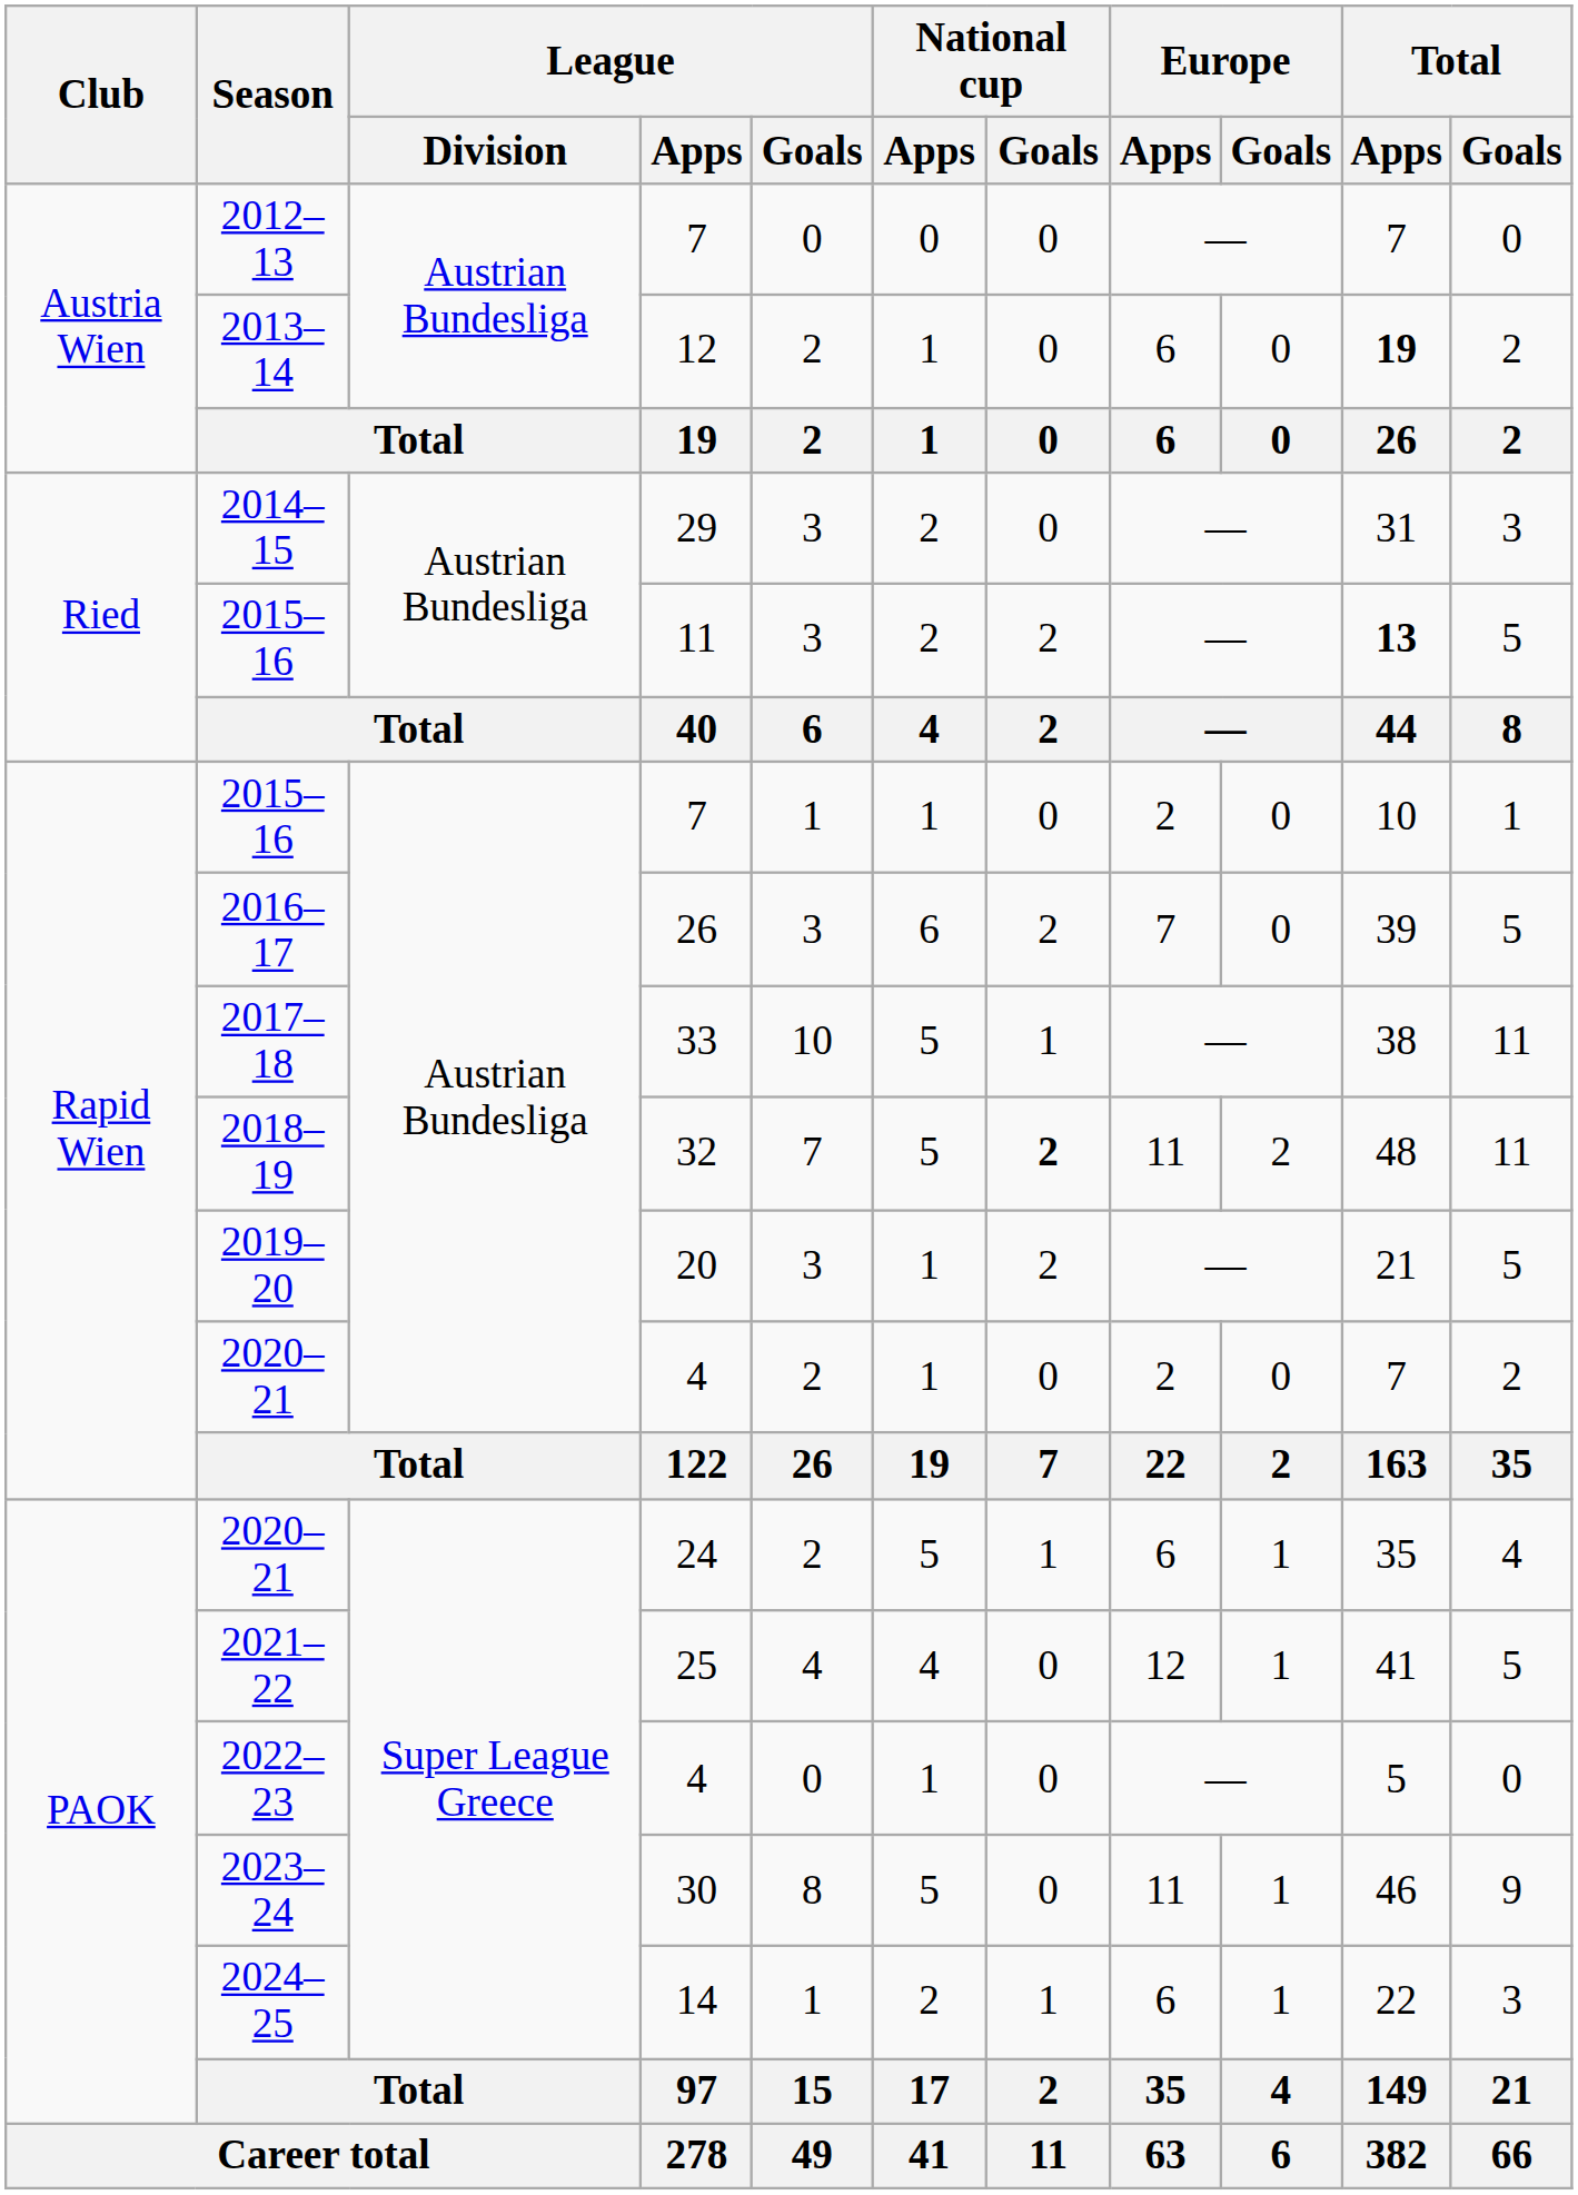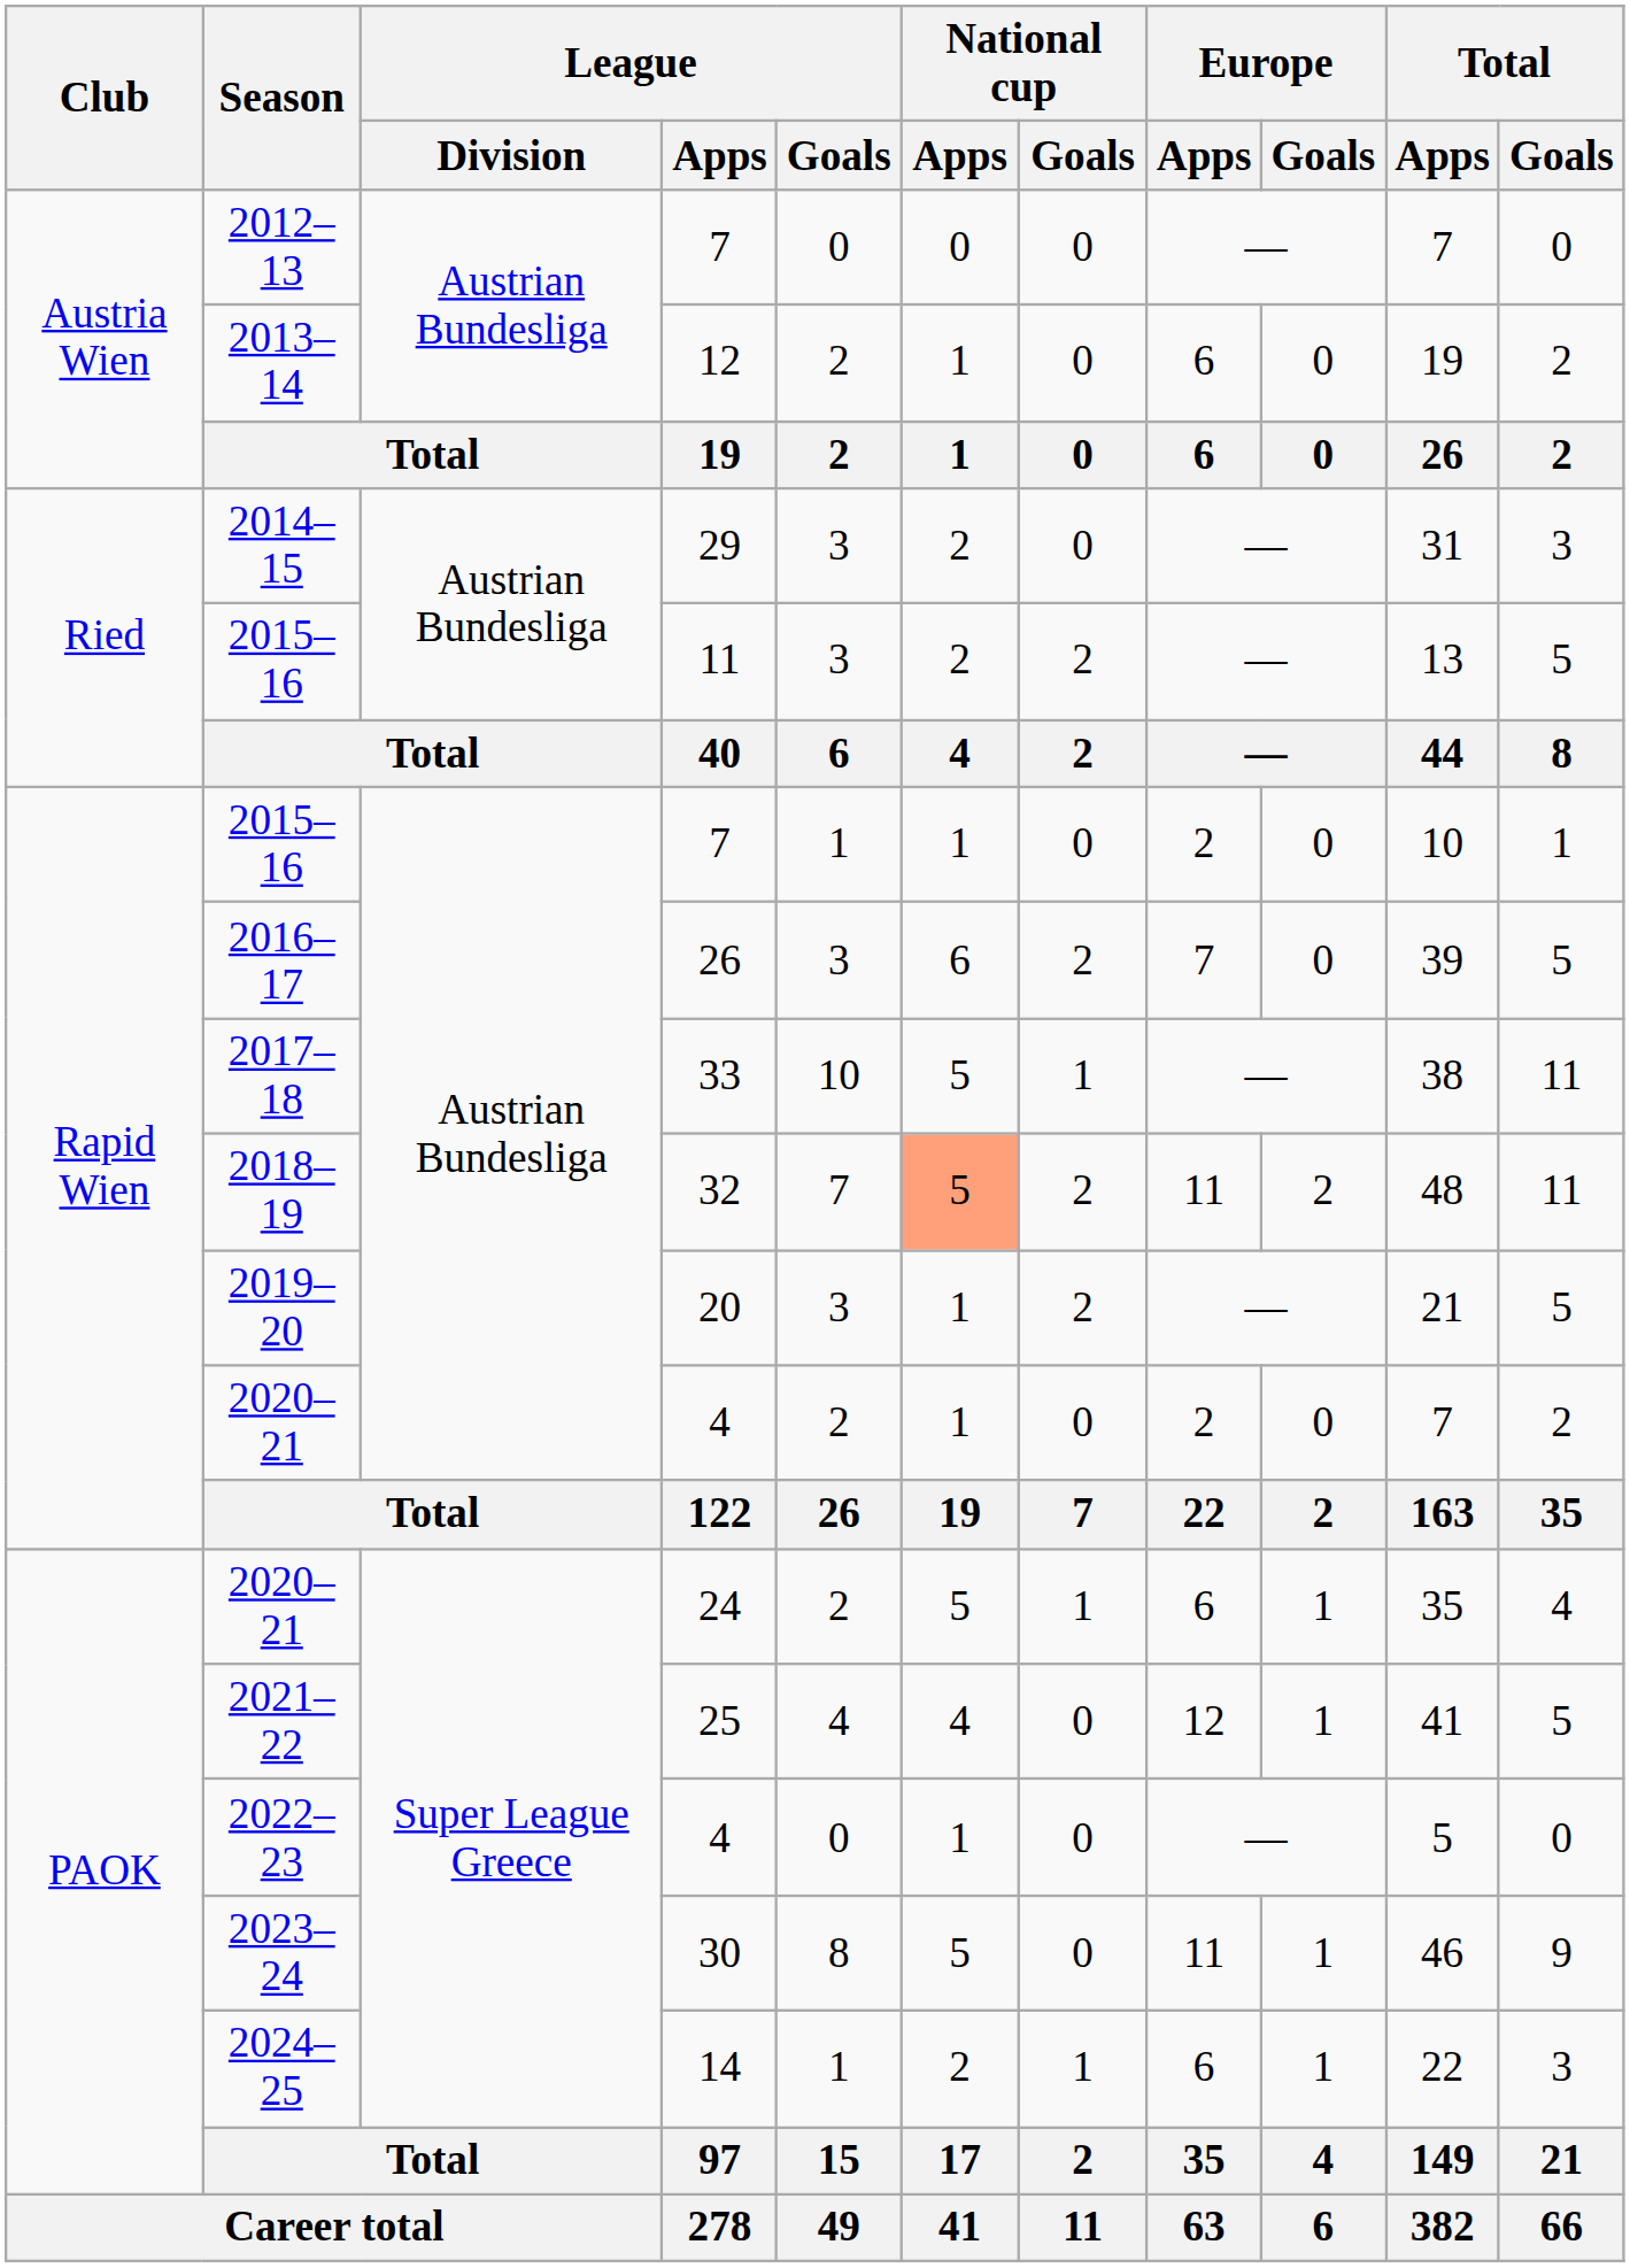 <table class="wikitable" style="text-align:center">
 <tr>
 <th rowspan="2">Club</th>
 <th rowspan="2">Season</th>
 <th colspan="3">League</th>
 <th colspan="2">National cup</th>
 <th colspan="2">Europe</th>
 <th colspan="2">Total</th>
 </tr>
 <tr>
 <th>Division</th>
 <th>Apps</th>
 <th>Goals</th>
 <th>Apps</th>
 <th>Goals</th>
 <th>Apps</th>
 <th>Goals</th>
 <th>Apps</th>
 <th>Goals</th>
 </tr>
 <tr>
 <td rowspan="3"><a href='#'>Austria Wien</a></td>
 <td><a href='#'>2012–13</a></td>
 <td rowspan="2"><a href='#'>Austrian Bundesliga</a></td>
 <td>7</td>
 <td>0</td>
 <td>0</td>
 <td>0</td>
 <td colspan="2">—</td>
 <td>7</td>
 <td>0</td>
 </tr>
 <tr>
 <td><a href='#'>2013–14</a></td>
 <td>12</td>
 <td>2</td>
 <td>1</td>
 <td>0</td>
 <td>6</td>
 <td>0</td>
-<td><strong>19</strong></td>
+<td>19</td>
 <td>2</td>
 </tr>
 <tr>
 <th colspan="2">Total</th>
 <th>19</th>
 <th>2</th>
 <th>1</th>
 <th>0</th>
 <th>6</th>
 <th>0</th>
 <th>26</th>
 <th>2</th>
 </tr>
 <tr>
 <td rowspan="3"><a href='#'>Ried</a></td>
 <td><a href='#'>2014–15</a></td>
 <td rowspan="2">Austrian Bundesliga</td>
 <td>29</td>
 <td>3</td>
 <td>2</td>
 <td>0</td>
 <td colspan="2">—</td>
 <td>31</td>
 <td>3</td>
 </tr>
 <tr>
 <td><a href='#'>2015–16</a></td>
 <td>11</td>
 <td>3</td>
 <td>2</td>
 <td>2</td>
 <td colspan="2">—</td>
-<td><strong>13</strong></td>
+<td>13</td>
 <td>5</td>
 </tr>
 <tr>
 <th colspan="2">Total</th>
 <th>40</th>
 <th>6</th>
 <th>4</th>
 <th>2</th>
 <th colspan="2">—</th>
 <th>44</th>
 <th>8</th>
 </tr>
 <tr>
 <td rowspan="7"><a href='#'>Rapid Wien</a></td>
 <td><a href='#'>2015–16</a></td>
 <td rowspan="6">Austrian Bundesliga</td>
 <td>7</td>
 <td>1</td>
 <td>1</td>
 <td>0</td>
 <td>2</td>
 <td>0</td>
 <td>10</td>
 <td>1</td>
 </tr>
 <tr>
 <td><a href='#'>2016–17</a></td>
 <td>26</td>
 <td>3</td>
 <td>6</td>
 <td>2</td>
 <td>7</td>
 <td>0</td>
 <td>39</td>
 <td>5</td>
 </tr>
 <tr>
 <td><a href='#'>2017–18</a></td>
 <td>33</td>
 <td>10</td>
 <td>5</td>
 <td>1</td>
 <td colspan="2">—</td>
 <td>38</td>
 <td>11</td>
 </tr>
 <tr>
 <td><a href='#'>2018–19</a></td>
 <td>32</td>
 <td>7</td>
-<td>5</td>
-<td><strong>2</strong></td>
+<td style="background: lightsalmon;">5</td>
+<td>2</td>
 <td>11</td>
 <td>2</td>
 <td>48</td>
 <td>11</td>
 </tr>
 <tr>
 <td><a href='#'>2019–20</a></td>
 <td>20</td>
 <td>3</td>
 <td>1</td>
 <td>2</td>
 <td colspan="2">—</td>
 <td>21</td>
 <td>5</td>
 </tr>
 <tr>
 <td><a href='#'>2020–21</a></td>
 <td>4</td>
 <td>2</td>
 <td>1</td>
 <td>0</td>
 <td>2</td>
 <td>0</td>
 <td>7</td>
 <td>2</td>
 </tr>
 <tr>
 <th colspan="2">Total</th>
 <th>122</th>
 <th>26</th>
 <th>19</th>
 <th>7</th>
 <th>22</th>
 <th>2</th>
 <th>163</th>
 <th>35</th>
 </tr>
 <tr>
 <td rowspan="6"><a href='#'>PAOK</a></td>
 <td><a href='#'>2020–21</a></td>
 <td rowspan="5"><a href='#'>Super League Greece</a></td>
 <td>24</td>
 <td>2</td>
 <td>5</td>
 <td>1</td>
 <td>6</td>
 <td>1</td>
 <td>35</td>
 <td>4</td>
 </tr>
 <tr>
 <td><a href='#'>2021–22</a></td>
 <td>25</td>
 <td>4</td>
 <td>4</td>
 <td>0</td>
 <td>12</td>
 <td>1</td>
 <td>41</td>
 <td>5</td>
 </tr>
 <tr>
 <td><a href='#'>2022–23</a></td>
 <td>4</td>
 <td>0</td>
 <td>1</td>
 <td>0</td>
 <td colspan="2">—</td>
 <td>5</td>
 <td>0</td>
 </tr>
 <tr>
 <td><a href='#'>2023–24</a></td>
 <td>30</td>
 <td>8</td>
 <td>5</td>
 <td>0</td>
 <td>11</td>
 <td>1</td>
 <td>46</td>
 <td>9</td>
 </tr>
 <tr>
 <td><a href='#'>2024–25</a></td>
 <td>14</td>
 <td>1</td>
 <td>2</td>
 <td>1</td>
 <td>6</td>
 <td>1</td>
 <td>22</td>
 <td>3</td>
 </tr>
 <tr>
 <th colspan="2">Total</th>
 <th>97</th>
 <th>15</th>
 <th>17</th>
 <th>2</th>
 <th>35</th>
 <th>4</th>
 <th>149</th>
 <th>21</th>
 </tr>
 <tr>
 <th colspan="3">Career total</th>
 <th>278</th>
 <th>49</th>
 <th>41</th>
 <th>11</th>
 <th>63</th>
 <th>6</th>
 <th>382</th>
 <th>66</th>
 </tr>
 </table>
